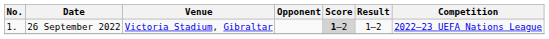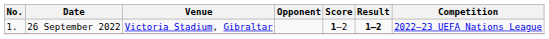 <table class="wikitable">
 <tr>
 <th>No.</th>
 <th>Date</th>
 <th>Venue</th>
 <th>Opponent</th>
 <th>Score</th>
 <th>Result</th>
 <th>Competition</th>
 </tr>
 <tr>
 <td>1.</td>
 <td>26 September 2022</td>
 <td><a href='#'>Victoria Stadium</a>, <a href='#'>Gibraltar</a></td>
 <td></td>
-<td align=center style="background: lightgrey;"><strong>1</strong>–2</td>
-<td align=center>1–2</td>
+<td align=center><strong>1</strong>–2</td>
+<td align=center><strong>1–2</strong></td>
 <td><a href='#'>2022–23 UEFA Nations League</a></td>
 </tr>
 <tr>
 </tr>
 </table>
